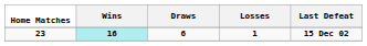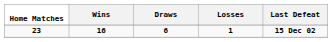 <table class="wikitable" style="text-align:center;font-size:95%">
 <tr>
 <th style="width:100px; background:#FFFFFF; color:#000000"><br>Home Matches</th>
 <th width="100">Wins</th>
 <th width="100">Draws</th>
 <th width="100">Losses</th>
 <th width="100">Last Defeat</th>
 </tr>
 <tr>
 </tr>
 <tr>
 <td><strong>23</strong></td>
-<td style="background: paleturquoise;"><strong>16</strong></td>
+<td><strong>16</strong></td>
 <td><strong>6</strong></td>
 <td><strong>1</strong></td>
 <td><strong>15 Dec 02</strong></td>
 </tr>
 <tr>
 </tr>
 </table>
